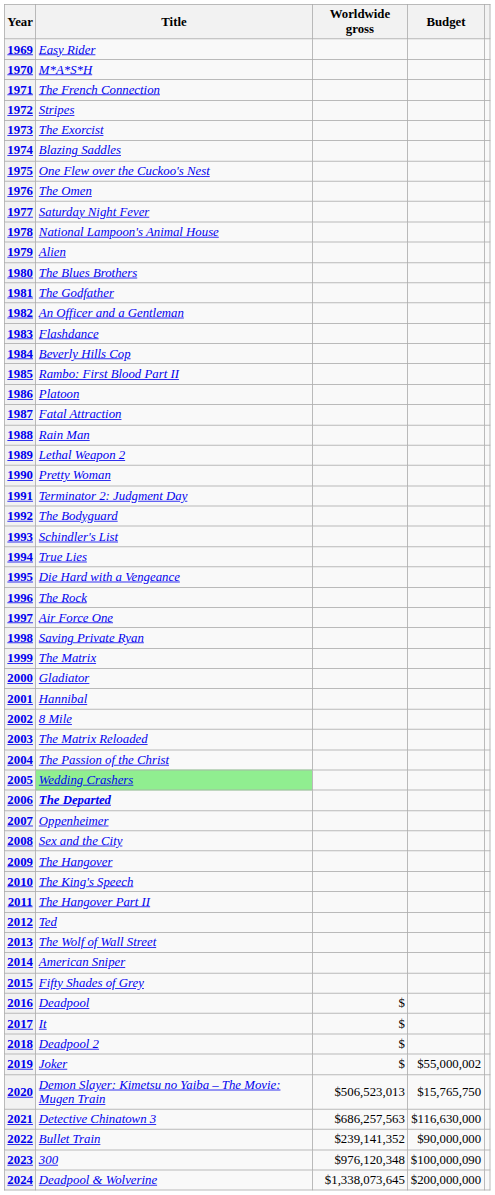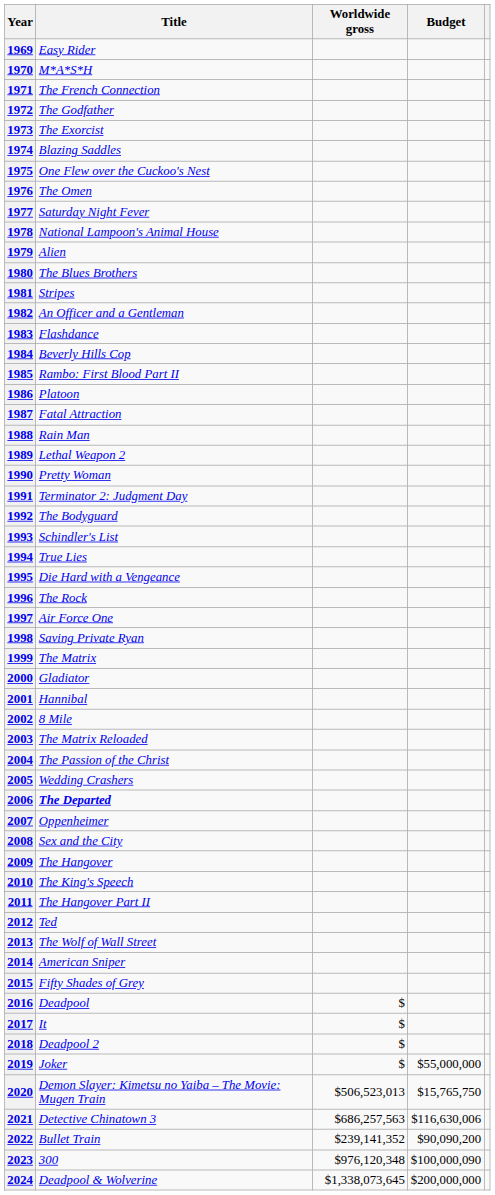 <table class="wikitable sortable plainrowheaders">
 <tr>
 <th scope="col">Year</th>
 <th scope="col">Title</th>
 <th scope="col">Worldwide gross</th>
 <th scope="col">Budget</th>
 <th scope="col"></th>
 </tr>
 <tr>
 <th scope="row" style="text-align:center;"><a href='#'>1969</a></th>
 <td><em><a href='#'>Easy Rider</a></em></td>
 <td style="text-align:right;"></td>
 <td style="text-align:right;"></td>
 <td style="text-align:center;"></td>
 </tr>
 <tr>
 <th scope="row" style="text-align:center;"><a href='#'>1970</a></th>
 <td><em><a href='#'>M*A*S*H</a></em></td>
 <td style="text-align:right;"></td>
 <td style="text-align:right;"></td>
 <td style="text-align:center;"></td>
 </tr>
 <tr>
 <th scope="row" style="text-align:center;"><a href='#'>1971</a></th>
 <td><em><a href='#'>The French Connection</a></em></td>
 <td style="text-align:right;"></td>
 <td style="text-align:right;"></td>
 <td style="text-align:center;"></td>
 </tr>
 <tr>
 <th scope="row" style="text-align:center;"><a href='#'>1972</a></th>
-<td><em><a href='#'>Stripes</a></em></td>
+<td><em><a href='#'>The Godfather</a></em></td>
 <td style="text-align:right;"></td>
 <td style="text-align:right;"></td>
 <td style="text-align:center;"></td>
 </tr>
 <tr>
 <th scope="row" style="text-align:center;"><a href='#'>1973</a></th>
 <td><em><a href='#'>The Exorcist</a></em></td>
 <td style="text-align:right;"></td>
 <td style="text-align:right;"></td>
 <td style="text-align:center;"></td>
 </tr>
 <tr>
 <th scope="row" style="text-align:center;"><a href='#'>1974</a></th>
 <td><em><a href='#'>Blazing Saddles</a></em></td>
 <td style="text-align:right;"></td>
 <td style="text-align:right;"></td>
 <td style="text-align:center;"></td>
 </tr>
 <tr>
 <th scope="row" style="text-align:center;"><a href='#'>1975</a></th>
 <td><em><a href='#'>One Flew over the Cuckoo's Nest</a></em></td>
 <td style="text-align:right;"></td>
 <td style="text-align:right;"></td>
 <td style="text-align:center;"></td>
 </tr>
 <tr>
 <th scope="row" style="text-align:center;"><a href='#'>1976</a></th>
 <td><em><a href='#'>The Omen</a></em></td>
 <td style="text-align:right;"></td>
 <td style="text-align:right;"></td>
 <td style="text-align:center;"></td>
 </tr>
 <tr>
 <th scope="row" style="text-align:center;"><a href='#'>1977</a></th>
 <td><em><a href='#'>Saturday Night Fever</a></em></td>
 <td style="text-align:right;"></td>
 <td style="text-align:right;"></td>
 <td style="text-align:center;"></td>
 </tr>
 <tr>
 <th scope="row" style="text-align:center;"><a href='#'>1978</a></th>
 <td><em><a href='#'>National Lampoon's Animal House</a></em></td>
 <td style="text-align:right;"></td>
 <td style="text-align:right;"></td>
 <td style="text-align:center;"></td>
 </tr>
 <tr>
 <th scope="row" style="text-align:center;"><a href='#'>1979</a></th>
 <td><em><a href='#'>Alien</a></em></td>
 <td style="text-align:right;"></td>
 <td style="text-align:right;"></td>
 <td style="text-align:center;"></td>
 </tr>
 <tr>
 <th scope="row" style="text-align:center;"><a href='#'>1980</a></th>
 <td><em><a href='#'>The Blues Brothers</a></em></td>
 <td style="text-align:right;"></td>
 <td style="text-align:right;"></td>
 <td style="text-align:center;"></td>
 </tr>
 <tr>
 <th scope="row" style="text-align:center;"><a href='#'>1981</a></th>
-<td><em><a href='#'>The Godfather</a></em></td>
+<td><em><a href='#'>Stripes</a></em></td>
 <td style="text-align:right;"></td>
 <td style="text-align:right;"></td>
 <td style="text-align:center;"></td>
 </tr>
 <tr>
 <th scope="row" style="text-align:center;"><a href='#'>1982</a></th>
 <td><em><a href='#'>An Officer and a Gentleman</a></em></td>
 <td style="text-align:right;"></td>
 <td style="text-align:right;"></td>
 <td style="text-align:center;"></td>
 </tr>
 <tr>
 <th scope="row" style="text-align:center;"><a href='#'>1983</a></th>
 <td><em><a href='#'>Flashdance</a></em></td>
 <td style="text-align:right;"></td>
 <td style="text-align:right;"></td>
 <td style="text-align:center;"></td>
 </tr>
 <tr>
 <th scope="row" style="text-align:center;"><a href='#'>1984</a></th>
 <td><em><a href='#'>Beverly Hills Cop</a></em></td>
 <td style="text-align:right;"></td>
 <td style="text-align:right;"></td>
 <td style="text-align:center;"></td>
 </tr>
 <tr>
 <th scope="row" style="text-align:center;"><a href='#'>1985</a></th>
 <td><em><a href='#'>Rambo: First Blood Part II</a></em></td>
 <td style="text-align:right;"></td>
 <td style="text-align:right;"></td>
 <td style="text-align:center;"></td>
 </tr>
 <tr>
 <th scope="row" style="text-align:center;"><a href='#'>1986</a></th>
 <td><em><a href='#'>Platoon</a></em></td>
 <td style="text-align:right;"></td>
 <td style="text-align:right;"></td>
 <td style="text-align:center;"></td>
 </tr>
 <tr>
 <th scope="row" style="text-align:center;"><a href='#'>1987</a></th>
 <td><em><a href='#'>Fatal Attraction</a></em></td>
 <td style="text-align:right;"></td>
 <td style="text-align:right;"></td>
 <td style="text-align:center;"></td>
 </tr>
 <tr>
 <th scope="row" style="text-align:center;"><a href='#'>1988</a></th>
 <td><em><a href='#'>Rain Man</a></em></td>
 <td style="text-align:right;"></td>
 <td style="text-align:right;"></td>
 <td style="text-align:center;"></td>
 </tr>
 <tr>
 <th scope="row" style="text-align:center;"><a href='#'>1989</a></th>
 <td><em><a href='#'>Lethal Weapon 2</a></em></td>
 <td style="text-align:right;"></td>
 <td style="text-align:right;"></td>
 <td style="text-align:center;"></td>
 </tr>
 <tr>
 <th scope="row" style="text-align:center;"><a href='#'>1990</a></th>
 <td><em><a href='#'>Pretty Woman</a></em></td>
 <td style="text-align:right;"></td>
 <td style="text-align:right;"></td>
 <td style="text-align:center;"></td>
 </tr>
 <tr>
 <th scope="row" style="text-align:center;"><a href='#'>1991</a></th>
 <td><em><a href='#'>Terminator 2: Judgment Day</a></em></td>
 <td style="text-align:right;"></td>
 <td style="text-align:right;"></td>
 <td style="text-align:center;"></td>
 </tr>
 <tr>
 <th scope="row" style="text-align:center;"><a href='#'>1992</a></th>
 <td><em><a href='#'>The Bodyguard</a></em></td>
 <td style="text-align:right;"></td>
 <td style="text-align:right;"></td>
 <td style="text-align:center;"></td>
 </tr>
 <tr>
 <th scope="row" style="text-align:center;"><a href='#'>1993</a></th>
 <td><em><a href='#'>Schindler's List</a></em></td>
 <td style="text-align:right;"></td>
 <td style="text-align:right;"></td>
 <td style="text-align:center;"></td>
 </tr>
 <tr>
 <th scope="row" style="text-align:center;"><a href='#'>1994</a></th>
 <td><em><a href='#'>True Lies</a></em></td>
 <td style="text-align:right;"></td>
 <td style="text-align:right;"></td>
 <td style="text-align:center;"></td>
 </tr>
 <tr>
 <th scope="row" style="text-align:center;"><a href='#'>1995</a></th>
 <td><em><a href='#'>Die Hard with a Vengeance</a></em></td>
 <td style="text-align:right;"></td>
 <td style="text-align:right;"></td>
 <td style="text-align:center;"></td>
 </tr>
 <tr>
 <th scope="row" style="text-align:center;"><a href='#'>1996</a></th>
 <td><em><a href='#'>The Rock</a></em></td>
 <td style="text-align:right;"></td>
 <td style="text-align:right;"></td>
 <td style="text-align:center;"></td>
 </tr>
 <tr>
 <th scope="row" style="text-align:center;"><a href='#'>1997</a></th>
 <td><em><a href='#'>Air Force One</a></em></td>
 <td style="text-align:right;"></td>
 <td style="text-align:right;"></td>
 <td style="text-align:center;"></td>
 </tr>
 <tr>
 <th scope="row" style="text-align:center;"><a href='#'>1998</a></th>
 <td><em><a href='#'>Saving Private Ryan</a></em></td>
 <td style="text-align:right;"></td>
 <td style="text-align:right;"></td>
 <td style="text-align:center;"></td>
 </tr>
 <tr>
 <th scope="row" style="text-align:center;"><a href='#'>1999</a></th>
 <td><em><a href='#'>The Matrix</a></em></td>
 <td style="text-align:right;"></td>
 <td style="text-align:right;"></td>
 <td style="text-align:center;"></td>
 </tr>
 <tr>
 <th scope="row" style="text-align:center;"><a href='#'>2000</a></th>
 <td><em><a href='#'>Gladiator</a></em></td>
 <td style="text-align:right;"></td>
 <td style="text-align:right;"></td>
 <td style="text-align:center;"></td>
 </tr>
 <tr>
 <th scope="row" style="text-align:center;"><a href='#'>2001</a></th>
 <td><em><a href='#'>Hannibal</a></em></td>
 <td style="text-align:right;"></td>
 <td style="text-align:right;"></td>
 <td style="text-align:center;"></td>
 </tr>
 <tr>
 <th scope="row" style="text-align:center;"><a href='#'>2002</a></th>
 <td><em><a href='#'>8 Mile</a></em></td>
 <td style="text-align:right;"></td>
 <td style="text-align:right;"></td>
 <td style="text-align:center;"></td>
 </tr>
 <tr>
 <th scope="row" style="text-align:center;"><a href='#'>2003</a></th>
 <td><em><a href='#'>The Matrix Reloaded</a></em></td>
 <td style="text-align:right;"></td>
 <td style="text-align:right;"></td>
 <td style="text-align:center;"></td>
 </tr>
 <tr>
 <th scope="row" style="text-align:center;"><a href='#'>2004</a></th>
 <td><em><a href='#'>The Passion of the Christ</a></em></td>
 <td style="text-align:right;"></td>
 <td style="text-align:right;"></td>
 <td style="text-align:center;"></td>
 </tr>
 <tr>
 <th scope="row" style="text-align:center;"><a href='#'>2005</a></th>
-<td style="background: lightgreen;"><em><a href='#'>Wedding Crashers</a></em></td>
+<td><em><a href='#'>Wedding Crashers</a></em></td>
 <td style="text-align:right;"></td>
 <td style="text-align:right;"></td>
 <td style="text-align:center;"></td>
 </tr>
 <tr>
 <th scope="row" style="text-align:center;"><a href='#'>2006</a></th>
 <td><strong><em><a href='#'>The Departed</a></em></strong></td>
 <td style="text-align:right;"></td>
 <td style="text-align:right;"></td>
 <td style="text-align:center;"></td>
 </tr>
 <tr>
 <th scope="row" style="text-align:center;"><a href='#'>2007</a></th>
 <td style="text-align:left;"><em><a href='#'>Oppenheimer</a></em></td>
 <td style="text-align:right;"></td>
 <td style="text-align:right;"></td>
 <td style="text-align:center;"></td>
 </tr>
 <tr>
 <th scope="row" style="text-align:center;"><a href='#'>2008</a></th>
 <td><em><a href='#'>Sex and the City</a></em></td>
 <td style="text-align:right;"></td>
 <td style="text-align:right;"></td>
 <td style="text-align:center;"></td>
 </tr>
 <tr>
 <th scope="row" style="text-align:center;"><a href='#'>2009</a></th>
 <td><em><a href='#'>The Hangover</a></em></td>
 <td style="text-align:right;"></td>
 <td style="text-align:right;"></td>
 <td style="text-align:center;"></td>
 </tr>
 <tr>
 <th scope="row" style="text-align:center;"><a href='#'>2010</a></th>
 <td><em><a href='#'>The King's Speech</a></em></td>
 <td style="text-align:right;"></td>
 <td style="text-align:right;"></td>
 <td style="text-align:center;"></td>
 </tr>
 <tr>
 <th scope="row" style="text-align:center;"><a href='#'>2011</a></th>
 <td><em><a href='#'>The Hangover Part II</a></em></td>
 <td style="text-align:right;"></td>
 <td style="text-align:right;"></td>
 <td style="text-align:center;"></td>
 </tr>
 <tr>
 <th scope="row" style="text-align:center;"><a href='#'>2012</a></th>
 <td><em><a href='#'>Ted</a></em></td>
 <td style="text-align:right;"></td>
 <td style="text-align:right;"></td>
 <td style="text-align:center;"></td>
 </tr>
 <tr>
 <th scope="row" style="text-align:center;"><a href='#'>2013</a></th>
 <td><em><a href='#'>The Wolf of Wall Street</a></em></td>
 <td style="text-align:right;"></td>
 <td style="text-align:right;"></td>
 <td style="text-align:center;"></td>
 </tr>
 <tr>
 <th scope="row" style="text-align:center;"><a href='#'>2014</a></th>
 <td><em><a href='#'>American Sniper</a></em></td>
 <td style="text-align:right;"></td>
 <td style="text-align:right;"></td>
 <td style="text-align:center;"></td>
 </tr>
 <tr>
 <th scope="row" style="text-align:center;"><a href='#'>2015</a></th>
 <td><em><a href='#'>Fifty Shades of Grey</a></em></td>
 <td style="text-align:right;"></td>
 <td style="text-align:right;"></td>
 <td style="text-align:center;"></td>
 </tr>
 <tr>
 <th scope="row" style="text-align:center;"><a href='#'>2016</a></th>
 <td><em><a href='#'>Deadpool</a></em></td>
 <td style="text-align:right;">$</td>
 <td style="text-align:right;"></td>
 <td style="text-align:center;"></td>
 </tr>
 <tr>
 <th scope="row" style="text-align:center;"><a href='#'>2017</a></th>
 <td><em><a href='#'>It</a></em></td>
 <td style="text-align:right;">$</td>
 <td style="text-align:right;"></td>
 <td style="text-align:center;"></td>
 </tr>
 <tr>
 <th scope="row" style="text-align:center;"><a href='#'>2018</a></th>
 <td><em><a href='#'>Deadpool 2</a></em></td>
 <td style="text-align:right;">$</td>
 <td style="text-align:right;"></td>
 <td style="text-align:center;"></td>
 </tr>
 <tr>
 <th scope="row" style="text-align:center;"><a href='#'>2019</a></th>
 <td><em><a href='#'>Joker</a></em></td>
 <td style="text-align:right;">$</td>
-<td style="text-align:right;">$55,000,002</td>
+<td style="text-align:right;">$55,000,000</td>
 <td style="text-align:center;"></td>
 </tr>
 <tr>
 <th scope="row" style="text-align:center;"><a href='#'>2020</a></th>
 <td scope="row"><em><a href='#'>Demon Slayer: Kimetsu no Yaiba – The Movie: Mugen Train</a></em></td>
 <td style="text-align:right;">$506,523,013</td>
 <td style="text-align:right;">$15,765,750</td>
 <td style="text-align:center;"></td>
 </tr>
 <tr>
 <th scope="row" style="text-align:center;"><a href='#'>2021</a></th>
 <td><em><a href='#'>Detective Chinatown 3</a></em></td>
 <td style="text-align:right;">$686,257,563</td>
-<td style="text-align:right;">$116,630,000</td>
+<td style="text-align:right;">$116,630,006</td>
 <td style="text-align:center;"></td>
 </tr>
 <tr>
 <th scope="row" style="text-align:center;"><a href='#'>2022</a></th>
 <td><em><a href='#'>Bullet Train</a></em></td>
 <td style="text-align:right;">$239,141,352</td>
-<td style="text-align:right;">$90,000,000</td>
+<td style="text-align:right;">$90,090,200</td>
 <td style="text-align:center;"></td>
 </tr>
 <tr>
 <th scope="row" style="text-align:center;"><a href='#'>2023</a></th>
 <td><em><a href='#'>300</a></em></td>
 <td style="text-align:right;">$976,120,348</td>
 <td style="text-align:right;">$100,000,090</td>
 <td style="text-align:center;"></td>
 </tr>
 <tr>
 <th scope="row" style="text-align:center;"><a href='#'>2024</a></th>
 <td style="text-align:left;"><em><a href='#'>Deadpool & Wolverine</a></em></td>
 <td style="text-align:right;">$1,338,073,645</td>
 <td style="text-align:right;">$200,000,000</td>
 <td style="text-align:center;"></td>
 </tr>
 </table>
